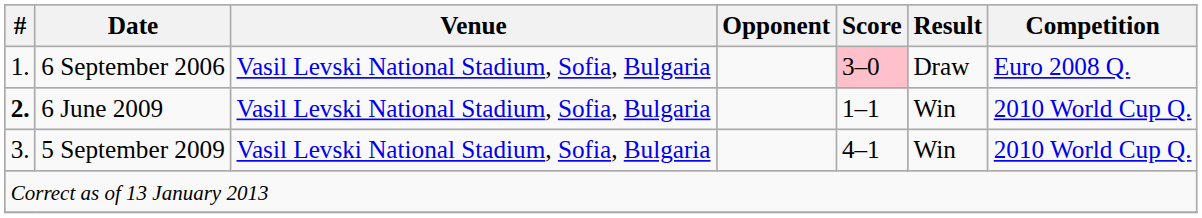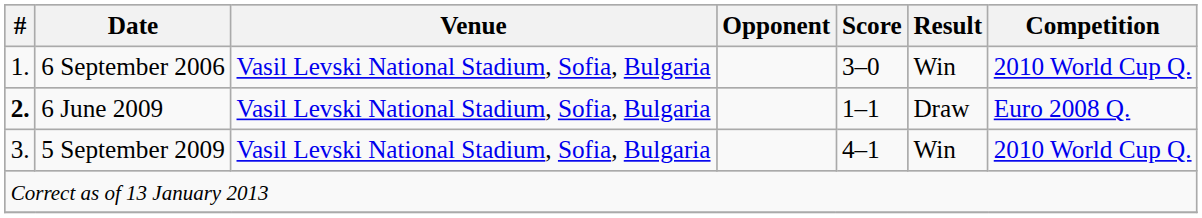 <table class="wikitable" style="font-size:95%;">
 <tr>
 <th>#</th>
 <th>Date</th>
 <th>Venue</th>
 <th>Opponent</th>
 <th>Score</th>
 <th>Result</th>
 <th>Competition</th>
 </tr>
 <tr>
 <td>1.</td>
 <td>6 September 2006</td>
 <td><a href='#'>Vasil Levski National Stadium</a>, <a href='#'>Sofia</a>, <a href='#'>Bulgaria</a></td>
 <td></td>
-<td style="background: pink;">3–0</td>
-<td>Draw</td>
-<td><a href='#'>Euro 2008 Q.</a></td>
+<td>3–0</td>
+<td>Win</td>
+<td><a href='#'>2010 World Cup Q.</a></td>
 </tr>
 <tr>
 <td><strong>2.</strong></td>
 <td>6 June 2009</td>
 <td><a href='#'>Vasil Levski National Stadium</a>, <a href='#'>Sofia</a>, <a href='#'>Bulgaria</a></td>
 <td></td>
 <td>1–1</td>
-<td>Win</td>
-<td><a href='#'>2010 World Cup Q.</a></td>
+<td>Draw</td>
+<td><a href='#'>Euro 2008 Q.</a></td>
 </tr>
 <tr>
 <td>3.</td>
 <td>5 September 2009</td>
 <td><a href='#'>Vasil Levski National Stadium</a>, <a href='#'>Sofia</a>, <a href='#'>Bulgaria</a></td>
 <td></td>
 <td>4–1</td>
 <td>Win</td>
 <td><a href='#'>2010 World Cup Q.</a></td>
 </tr>
 <tr>
 <td colspan="12"><small><em>Correct as of 13 January 2013</em></small></td>
 </tr>
 <tr>
 </tr>
 </table>
